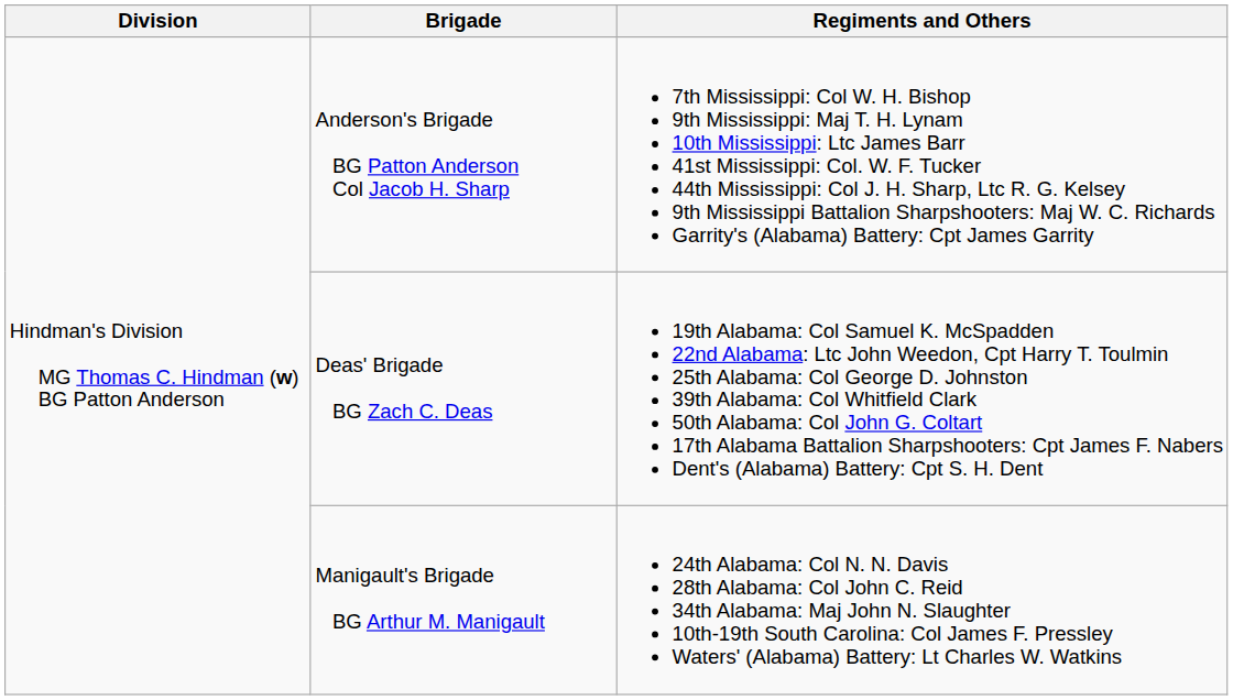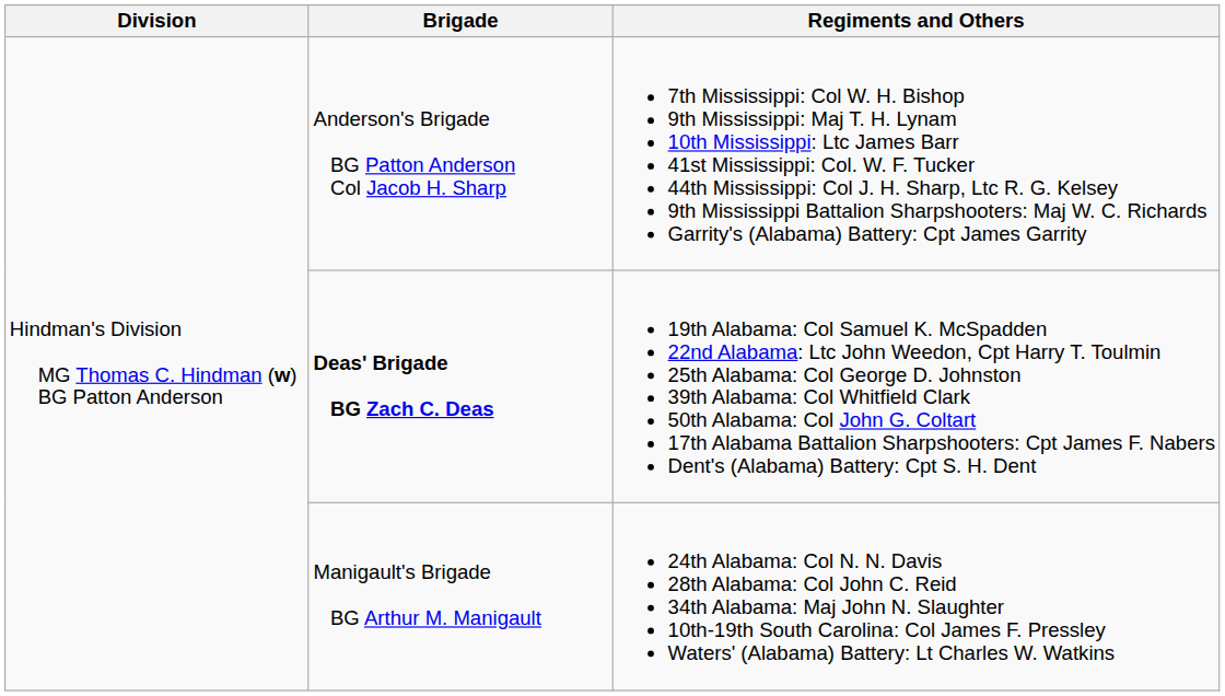 <table class="wikitable">
 <tr>
 <th width=25%>Division</th>
 <th width=25%>Brigade</th>
 <th>Regiments and Others</th>
 </tr>
 <tr>
 <td rowspan=3><br>Hindman's Division<br><br>     MG <a href='#'>Thomas C. Hindman</a> (<strong>w</strong>) <br>     BG Patton Anderson <br>  </td>
 <td>Anderson's Brigade<br><br>   BG <a href='#'>Patton Anderson</a> <br>   Col <a href='#'>Jacob H. Sharp</a></td>
 <td><br><ul><li>7th Mississippi: Col W. H. Bishop</li><li>9th Mississippi: Maj T. H. Lynam</li><li><a href='#'>10th Mississippi</a>: Ltc James Barr</li><li>41st Mississippi: Col. W. F. Tucker</li><li>44th Mississippi: Col J. H. Sharp, Ltc R. G. Kelsey</li><li>9th Mississippi Battalion Sharpshooters: Maj W. C. Richards</li><li>Garrity's (Alabama) Battery: Cpt James Garrity</li></ul></td>
 </tr>
 <tr>
-<td>Deas' Brigade<br><br>   BG <a href='#'>Zach C. Deas</a></td>
+<td><strong>Deas' Brigade<br><br>   BG <a href='#'>Zach C. Deas</a></strong></td>
 <td><br><ul><li>19th Alabama: Col Samuel K. McSpadden</li><li><a href='#'>22nd Alabama</a>: Ltc John Weedon, Cpt Harry T. Toulmin</li><li>25th Alabama: Col George D. Johnston</li><li>39th Alabama: Col Whitfield Clark</li><li>50th Alabama: Col <a href='#'>John G. Coltart</a></li><li>17th Alabama Battalion Sharpshooters: Cpt James F. Nabers</li><li>Dent's (Alabama) Battery: Cpt S. H. Dent</li></ul></td>
 </tr>
 <tr>
 <td>Manigault's Brigade<br><br>   BG <a href='#'>Arthur M. Manigault</a></td>
 <td><br><ul><li>24th Alabama: Col N. N. Davis</li><li>28th Alabama: Col John C. Reid</li><li>34th Alabama: Maj John N. Slaughter</li><li>10th-19th South Carolina: Col James F. Pressley</li><li>Waters' (Alabama) Battery: Lt Charles W. Watkins</li></ul></td>
 </tr>
 </table>
